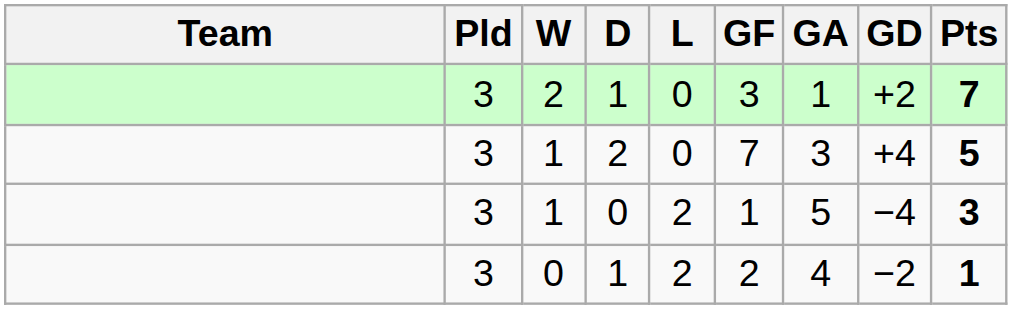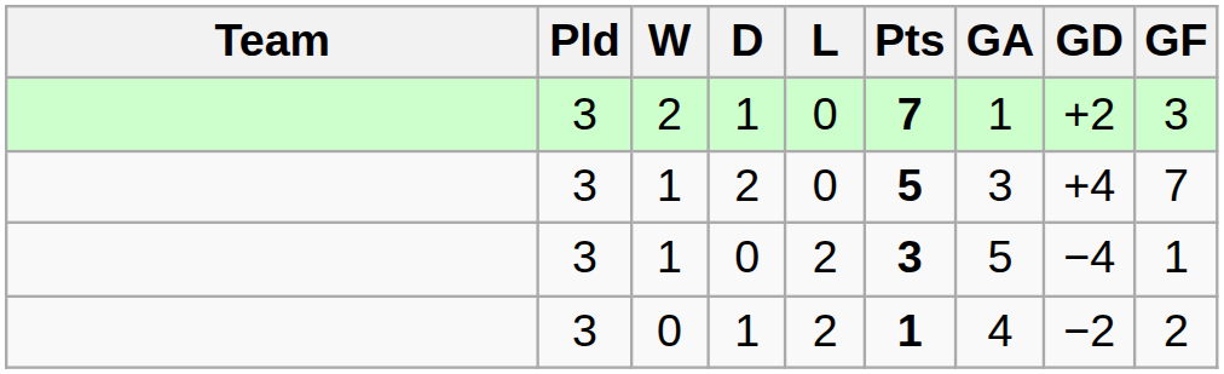 <table class="wikitable" style="text-align:center;">
 <tr>
 <th width=180>Team</th>
 <th width=20>Pld</th>
 <th width=20>W</th>
 <th width=20>D</th>
 <th width=20>L</th>
-<th width=20>GF</th>
+<th width=20>Pts</th>
 <th width=20>GA</th>
 <th width=20>GD</th>
-<th width=20>Pts</th>
+<th width=20>GF</th>
 </tr>
 <tr style="background:#cfc;">
 <td align="left"><em></em></td>
 <td>3</td>
 <td>2</td>
 <td>1</td>
 <td>0</td>
-<td>3</td>
+<td><strong>7</strong></td>
 <td>1</td>
 <td>+2</td>
-<td><strong>7</strong></td>
+<td>3</td>
 </tr>
 <tr>
 <td align="left"></td>
 <td>3</td>
 <td>1</td>
 <td>2</td>
 <td>0</td>
-<td>7</td>
+<td><strong>5</strong></td>
 <td>3</td>
 <td>+4</td>
-<td><strong>5</strong></td>
+<td>7</td>
 </tr>
 <tr>
 <td align="left"></td>
 <td>3</td>
 <td>1</td>
 <td>0</td>
 <td>2</td>
-<td>1</td>
+<td><strong>3</strong></td>
 <td>5</td>
 <td>−4</td>
-<td><strong>3</strong></td>
+<td>1</td>
 </tr>
 <tr>
 <td align="left"></td>
 <td>3</td>
 <td>0</td>
 <td>1</td>
 <td>2</td>
-<td>2</td>
+<td><strong>1</strong></td>
 <td>4</td>
 <td>−2</td>
-<td><strong>1</strong></td>
+<td>2</td>
 </tr>
 </table>
